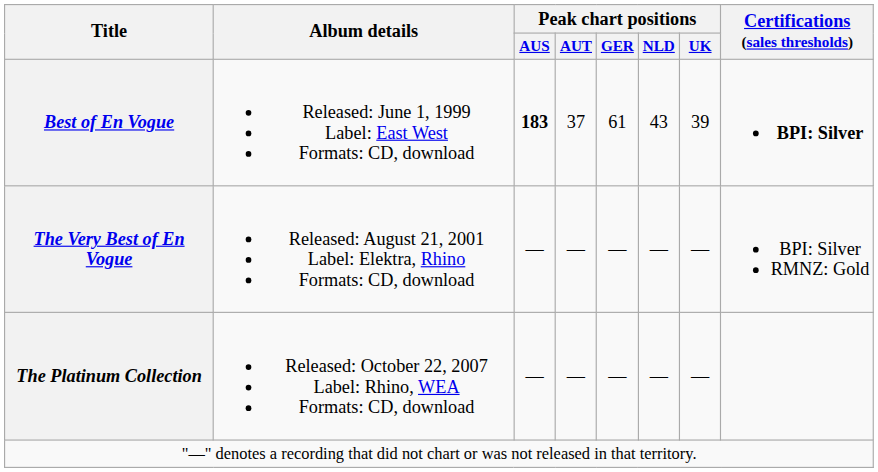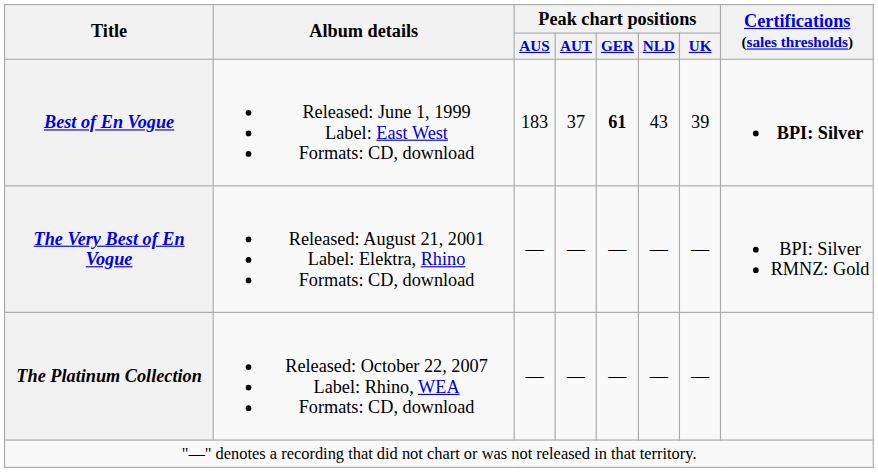 <table class="wikitable plainrowheaders" style="text-align:center;" border="1">
 <tr>
 <th rowspan="2" style="width:11em;">Title</th>
 <th rowspan="2" style="width:16em;">Album details</th>
 <th colspan="5">Peak chart positions</th>
 <th rowspan="2"><a href='#'>Certifications</a><br><small>(<a href='#'>sales thresholds</a>)</small></th>
 </tr>
 <tr style="font-size:smaller;">
 <th width="30"><a href='#'>AUS</a><br></th>
 <th width="30"><a href='#'>AUT</a><br></th>
 <th width="30"><a href='#'>GER</a><br></th>
 <th width="30"><a href='#'>NLD</a><br></th>
 <th width="30"><a href='#'>UK</a><br></th>
 </tr>
 <tr>
 <th scope="row"><em><a href='#'>Best of En Vogue</a></em></th>
 <td><br><ul><li>Released: June 1, 1999</li><li>Label: <a href='#'>East West</a></li><li>Formats: CD, download</li></ul></td>
-<td><strong>183</strong></td>
+<td>183</td>
 <td>37</td>
-<td>61</td>
+<td><strong>61</strong></td>
 <td>43</td>
 <td>39</td>
 <td><strong><br><ul><li>BPI: Silver</li></ul></strong></td>
 </tr>
 <tr>
 <th scope="row"><em><a href='#'>The Very Best of En Vogue</a></em></th>
 <td><br><ul><li>Released: August 21, 2001</li><li>Label: Elektra, <a href='#'>Rhino</a></li><li>Formats: CD, download</li></ul></td>
 <td>—</td>
 <td>—</td>
 <td>—</td>
 <td>—</td>
 <td>—</td>
 <td><br><ul><li>BPI: Silver</li><li>RMNZ: Gold</li></ul></td>
 </tr>
 <tr>
 <th scope="row"><em>The Platinum Collection</em></th>
 <td><br><ul><li>Released: October 22, 2007</li><li>Label: Rhino, <a href='#'>WEA</a></li><li>Formats: CD, download</li></ul></td>
 <td>—</td>
 <td>—</td>
 <td>—</td>
 <td>—</td>
 <td>—</td>
 <td></td>
 </tr>
 <tr>
 <td align="center" colspan="21" style="font-size:90%">"—" denotes a recording that did not chart or was not released in that territory.</td>
 </tr>
 </table>
